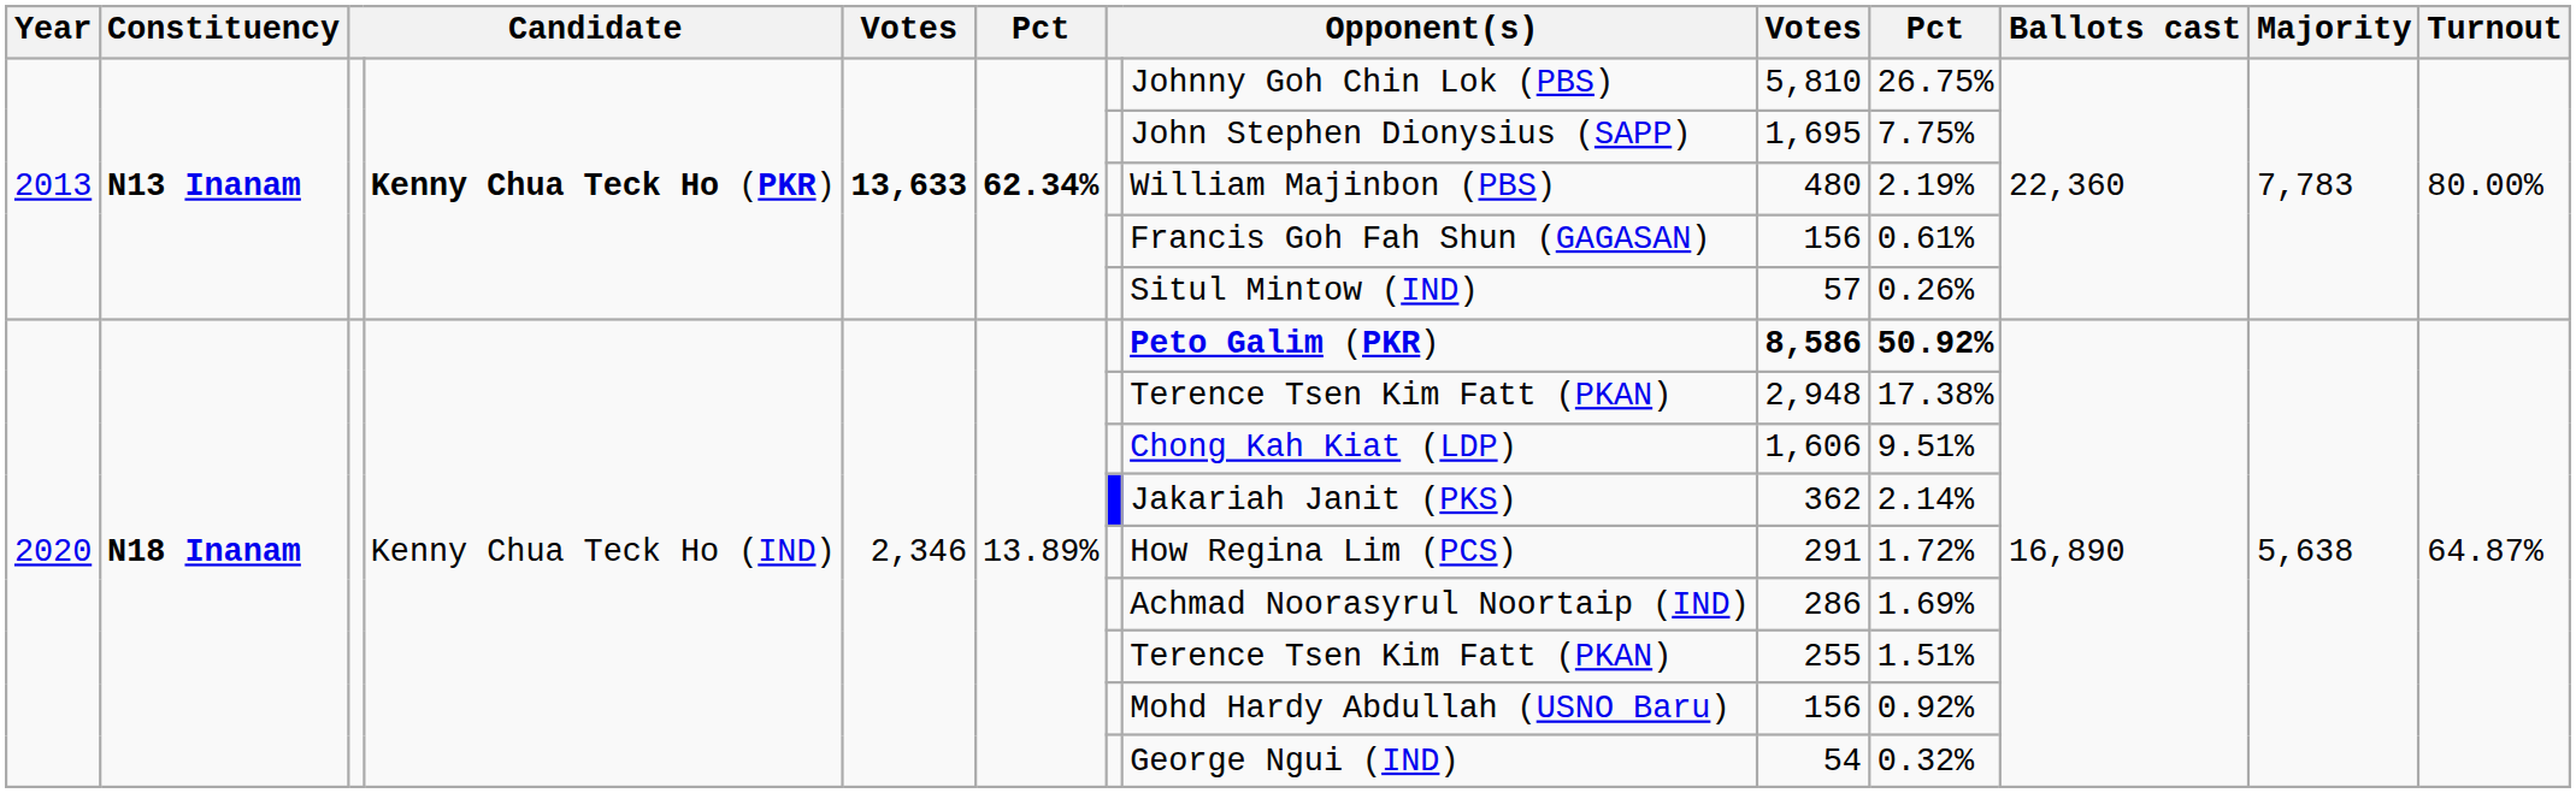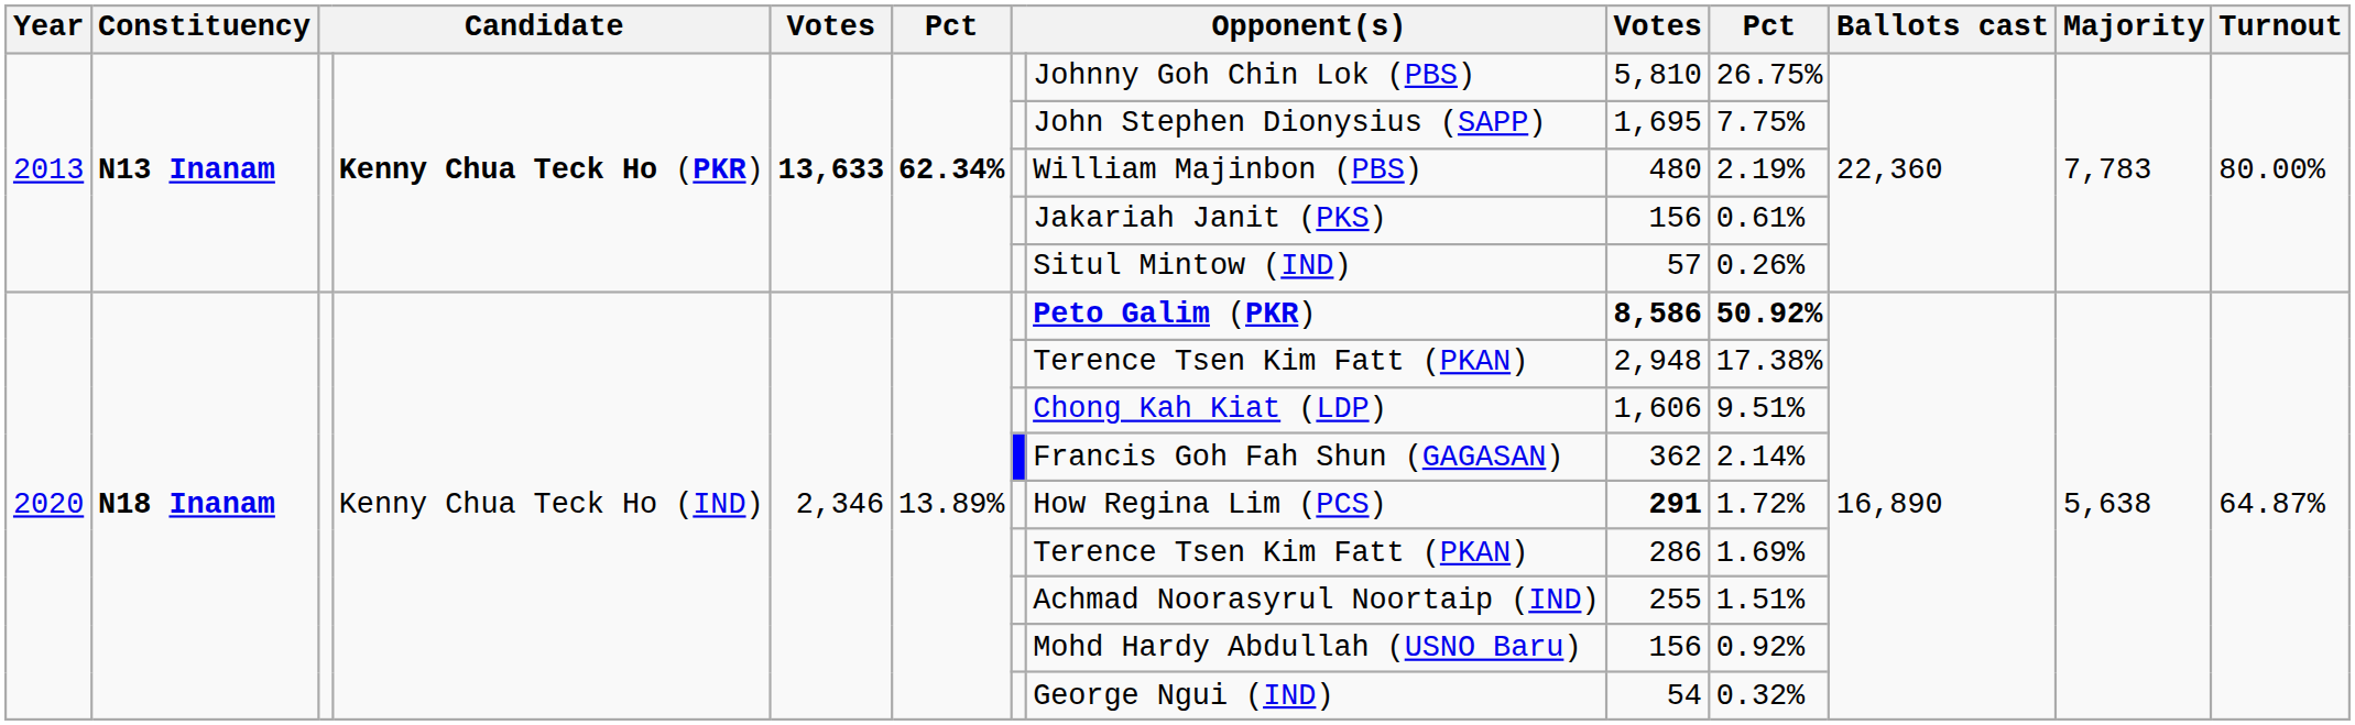 <table class="wikitable" style="margin:0.5em ; font-size:95%">
 <tr>
 <th>Year</th>
 <th>Constituency</th>
 <th colspan=2>Candidate</th>
 <th>Votes</th>
 <th>Pct</th>
 <th colspan=2>Opponent(s)</th>
 <th>Votes</th>
 <th>Pct</th>
 <th>Ballots cast</th>
 <th>Majority</th>
 <th>Turnout</th>
 </tr>
 <tr>
 <td rowspan=5><a href='#'>2013</a></td>
 <td rowspan=5><strong>N13 <a href='#'>Inanam</a></strong></td>
 <td rowspan=5 ></td>
 <td rowspan=5><strong>Kenny Chua Teck Ho</strong> (<a href='#'><strong>PKR</strong></a>)</td>
 <td rowspan=5 align="right"><strong>13,633</strong></td>
 <td rowspan=5><strong>62.34%</strong></td>
 <td></td>
 <td>Johnny Goh Chin Lok (<a href='#'>PBS</a>)</td>
 <td align="right">5,810</td>
 <td>26.75%</td>
 <td rowspan=5>22,360</td>
 <td rowspan=5>7,783</td>
 <td rowspan=5>80.00%</td>
 </tr>
 <tr>
 <td></td>
 <td>John Stephen Dionysius (<a href='#'>SAPP</a>)</td>
 <td align="right">1,695</td>
 <td>7.75%</td>
 </tr>
 <tr>
 <td></td>
 <td>William Majinbon (<a href='#'>PBS</a>)</td>
 <td align="right">480</td>
 <td>2.19%</td>
 </tr>
 <tr>
 <td></td>
-<td>Francis Goh Fah Shun (<a href='#'>GAGASAN</a>)</td>
+<td>Jakariah Janit (<a href='#'>PKS</a>)</td>
 <td align="right">156</td>
 <td>0.61%</td>
 </tr>
 <tr>
 <td></td>
 <td>Situl Mintow (<a href='#'>IND</a>)</td>
 <td align="right">57</td>
 <td>0.26%</td>
 </tr>
 <tr>
 <td rowspan=9><a href='#'>2020</a></td>
 <td rowspan=9><strong>N18 <a href='#'>Inanam</a></strong></td>
 <td rowspan=9 ></td>
 <td rowspan=9>Kenny Chua Teck Ho (<a href='#'>IND</a>)</td>
 <td rowspan=9 align="right">2,346</td>
 <td rowspan=9>13.89%</td>
 <td></td>
 <td><strong><a href='#'>Peto Galim</a></strong> (<a href='#'><strong>PKR</strong></a>)</td>
 <td align="right"><strong>8,586</strong></td>
 <td><strong>50.92%</strong></td>
 <td rowspan=9>16,890</td>
 <td rowspan=9>5,638</td>
 <td rowspan=9>64.87%</td>
 </tr>
 <tr>
 <td></td>
 <td>Terence Tsen Kim Fatt (<a href='#'>PKAN</a>)</td>
 <td align="right">2,948</td>
 <td>17.38%</td>
 </tr>
 <tr>
 <td bgcolor=></td>
 <td><a href='#'>Chong Kah Kiat</a> (<a href='#'>LDP</a>)</td>
 <td align="right">1,606</td>
 <td>9.51%</td>
 </tr>
 <tr>
 <td bgcolor=blue></td>
-<td>Jakariah Janit (<a href='#'>PKS</a>)</td>
+<td>Francis Goh Fah Shun (<a href='#'>GAGASAN</a>)</td>
 <td align="right">362</td>
 <td>2.14%</td>
 </tr>
 <tr>
 <td></td>
 <td>How Regina Lim (<a href='#'>PCS</a>)</td>
-<td align="right">291</td>
+<td align="right"><strong>291</strong></td>
 <td>1.72%</td>
 </tr>
 <tr>
 <td></td>
-<td>Achmad Noorasyrul Noortaip (<a href='#'>IND</a>)</td>
+<td>Terence Tsen Kim Fatt (<a href='#'>PKAN</a>)</td>
 <td align="right">286</td>
 <td>1.69%</td>
 </tr>
 <tr>
 <td></td>
-<td>Terence Tsen Kim Fatt (<a href='#'>PKAN</a>)</td>
+<td>Achmad Noorasyrul Noortaip (<a href='#'>IND</a>)</td>
 <td align="right">255</td>
 <td>1.51%</td>
 </tr>
 <tr>
 <td bgcolor=></td>
 <td>Mohd Hardy Abdullah (<a href='#'>USNO Baru</a>)</td>
 <td align="right">156</td>
 <td>0.92%</td>
 </tr>
 <tr>
 <td></td>
 <td>George Ngui (<a href='#'>IND</a>)</td>
 <td align="right">54</td>
 <td>0.32%</td>
 </tr>
 </table>
